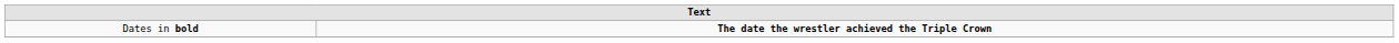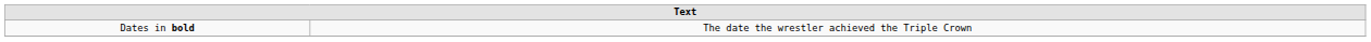 <table class="wikitable" style="width:100%; font-size:85%; text-align:center;">
 <tr>
 <th colspan="2" style="background: #e3e3e3;">Text</th>
 </tr>
 <tr>
 <td>Dates in <strong>bold</strong></td>
-<td><strong>The date the wrestler achieved the Triple Crown</strong></td>
+<td>The date the wrestler achieved the Triple Crown</td>
 </tr>
 <tr>
 </tr>
 </table>
